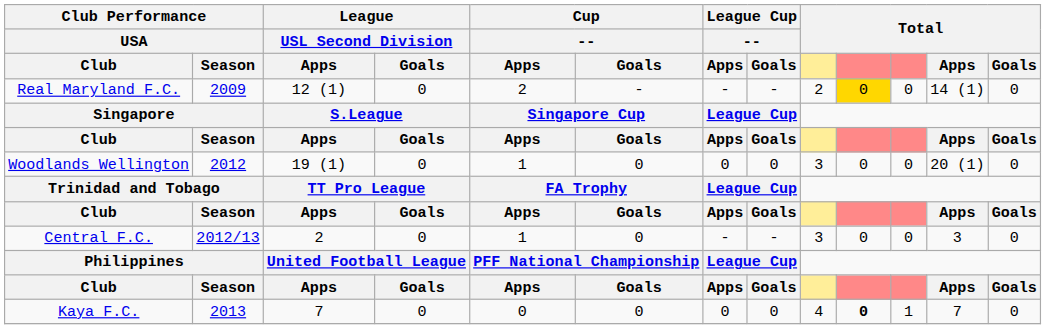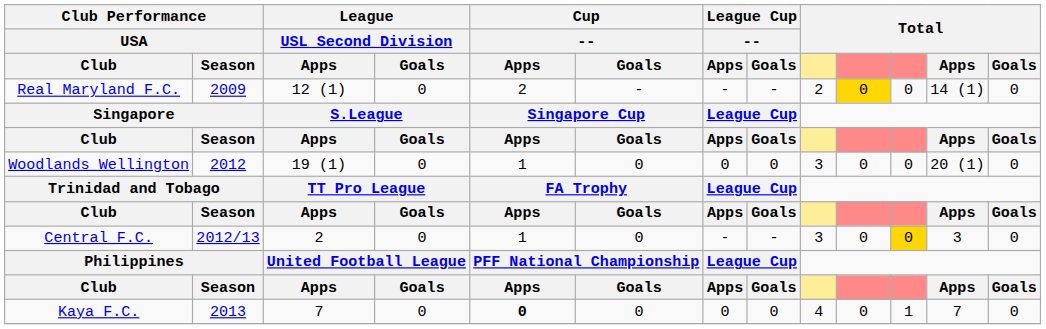 <table class="wikitable" style="text-align:center;">
 <tr>
 <th colspan=2>Club Performance</th>
 <th colspan=2>League</th>
 <th colspan=2>Cup</th>
 <th colspan=2>League Cup</th>
 <th colspan=5 rowspan=2>Total</th>
 </tr>
 <tr>
 <th colspan=2>USA</th>
 <th colspan=2><a href='#'>USL Second Division</a></th>
 <th colspan=2>--</th>
 <th colspan=2>--</th>
 </tr>
 <tr>
 <th>Club</th>
 <th>Season</th>
 <th>Apps</th>
 <th>Goals</th>
 <th>Apps</th>
 <th>Goals</th>
 <th>Apps</th>
 <th>Goals</th>
 <th style="width:25px; background:#fe9;"></th>
 <th style="width:40px; background:#ff8888;"></th>
 <th style="width:25px; background:#ff8888;"></th>
 <th>Apps</th>
 <th>Goals</th>
 </tr>
 <tr>
 <td rowspan=1><a href='#'>Real Maryland F.C.</a></td>
 <td><a href='#'>2009</a></td>
 <td>12 (1)</td>
 <td>0</td>
 <td>2</td>
 <td>-</td>
 <td>-</td>
 <td>-</td>
 <td>2</td>
 <td style="background: gold;">0</td>
 <td>0</td>
 <td>14 (1)</td>
 <td>0</td>
 </tr>
 <tr>
 <th colspan=2>Singapore</th>
 <th colspan=2><a href='#'>S.League</a></th>
 <th colspan=2><a href='#'>Singapore Cup</a></th>
 <th colspan=2><a href='#'>League Cup</a></th>
 </tr>
 <tr>
 <th>Club</th>
 <th>Season</th>
 <th>Apps</th>
 <th>Goals</th>
 <th>Apps</th>
 <th>Goals</th>
 <th>Apps</th>
 <th>Goals</th>
 <th style="width:25px; background:#fe9;"></th>
 <th style="width:40px; background:#ff8888;"></th>
 <th style="width:25px; background:#ff8888;"></th>
 <th>Apps</th>
 <th>Goals</th>
 </tr>
 <tr>
 <td rowspan=1><a href='#'>Woodlands Wellington</a></td>
 <td><a href='#'>2012</a></td>
 <td>19 (1)</td>
 <td>0</td>
 <td>1</td>
 <td>0</td>
 <td>0</td>
 <td>0</td>
 <td>3</td>
 <td>0</td>
 <td>0</td>
 <td>20 (1)</td>
 <td>0</td>
 </tr>
 <tr>
 <th colspan=2>Trinidad and Tobago</th>
 <th colspan=2><a href='#'>TT Pro League</a></th>
 <th colspan=2><a href='#'>FA Trophy</a></th>
 <th colspan=2><a href='#'>League Cup</a></th>
 </tr>
 <tr>
 <th>Club</th>
 <th>Season</th>
 <th>Apps</th>
 <th>Goals</th>
 <th>Apps</th>
 <th>Goals</th>
 <th>Apps</th>
 <th>Goals</th>
 <th style="width:25px; background:#fe9;"></th>
 <th style="width:40px; background:#ff8888;"></th>
 <th style="width:25px; background:#ff8888;"></th>
 <th>Apps</th>
 <th>Goals</th>
 </tr>
 <tr>
 <td rowspan=1><a href='#'>Central F.C.</a></td>
 <td><a href='#'>2012/13</a></td>
 <td>2</td>
 <td>0</td>
 <td>1</td>
 <td>0</td>
 <td>-</td>
 <td>-</td>
 <td>3</td>
 <td>0</td>
-<td>0</td>
+<td style="background: gold;">0</td>
 <td>3</td>
 <td>0</td>
 </tr>
 <tr>
 <th colspan=2>Philippines</th>
 <th colspan=2><a href='#'>United Football League</a></th>
 <th colspan=2><a href='#'>PFF National Championship</a></th>
 <th colspan=2><a href='#'>League Cup</a></th>
 </tr>
 <tr>
 <th>Club</th>
 <th>Season</th>
 <th>Apps</th>
 <th>Goals</th>
 <th>Apps</th>
 <th>Goals</th>
 <th>Apps</th>
 <th>Goals</th>
 <th style="width:25px; background:#fe9;"></th>
 <th style="width:40px; background:#ff8888;"></th>
 <th style="width:25px; background:#ff8888;"></th>
 <th>Apps</th>
 <th>Goals</th>
 </tr>
 <tr>
 <td rowspan=1><a href='#'>Kaya F.C.</a></td>
 <td><a href='#'>2013</a></td>
 <td>7</td>
 <td>0</td>
-<td>0</td>
+<td><strong>0</strong></td>
 <td>0</td>
 <td>0</td>
 <td>0</td>
 <td>4</td>
-<td><strong>0</strong></td>
+<td>0</td>
 <td>1</td>
 <td>7</td>
 <td>0</td>
 </tr>
 <tr>
 </tr>
 </table>
